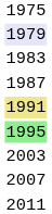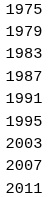 <table>
 <tr>
 <td>1975</td>
 <td></td>
 <td></td>
 <td></td>
 </tr>
 <tr>
-<td style="background: lavender;">1979</td>
+<td>1979</td>
 <td></td>
 <td></td>
 <td></td>
 </tr>
 <tr>
 <td>1983</td>
 <td></td>
 <td></td>
 <td></td>
 </tr>
 <tr>
 <td>1987</td>
 <td></td>
 <td></td>
 <td></td>
 </tr>
 <tr>
-<td style="background: khaki;">1991</td>
+<td>1991</td>
 <td></td>
 <td></td>
 <td></td>
 </tr>
 <tr>
-<td style="background: lightgreen;">1995</td>
+<td>1995</td>
 <td></td>
 <td></td>
 <td></td>
 </tr>
 <tr>
 <td>2003</td>
 <td></td>
 <td></td>
 <td></td>
 </tr>
 <tr>
 <td rowspan=2>2007</td>
 <td rowspan=2></td>
 <td rowspan=2></td>
 <td></td>
 </tr>
 <tr>
 <td></td>
 </tr>
 <tr>
 <td rowspan=2>2011<br></td>
 <td rowspan=2></td>
 <td rowspan=2></td>
 <td></td>
 </tr>
 <tr>
 <td></td>
 </tr>
 </table>
